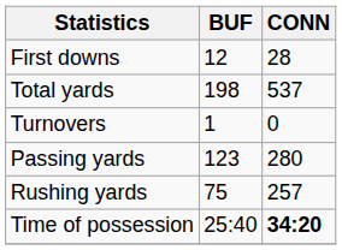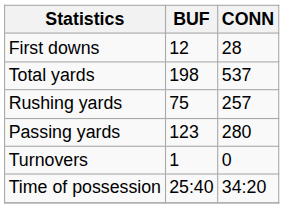 <table class="wikitable" style="float: left;">
 <tr>
 <th>Statistics</th>
 <th>BUF</th>
 <th>CONN</th>
 </tr>
 <tr>
 <td>First downs</td>
 <td>12</td>
 <td>28</td>
 </tr>
 <tr>
 <td>Total yards</td>
 <td>198</td>
 <td>537</td>
 </tr>
 <tr>
-<td>Turnovers</td>
-<td>1</td>
-<td>0</td>
+<td>Rushing yards</td>
+<td>75</td>
+<td>257</td>
 </tr>
 <tr>
 <td>Passing yards</td>
 <td>123</td>
 <td>280</td>
 </tr>
 <tr>
-<td>Rushing yards</td>
-<td>75</td>
-<td>257</td>
+<td>Turnovers</td>
+<td>1</td>
+<td>0</td>
 </tr>
 <tr>
 <td>Time of possession</td>
 <td>25:40</td>
-<td><strong>34:20</strong></td>
+<td>34:20</td>
 </tr>
 <tr>
 </tr>
 </table>
